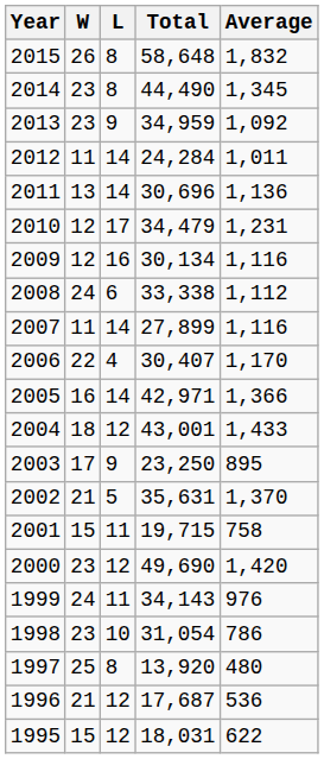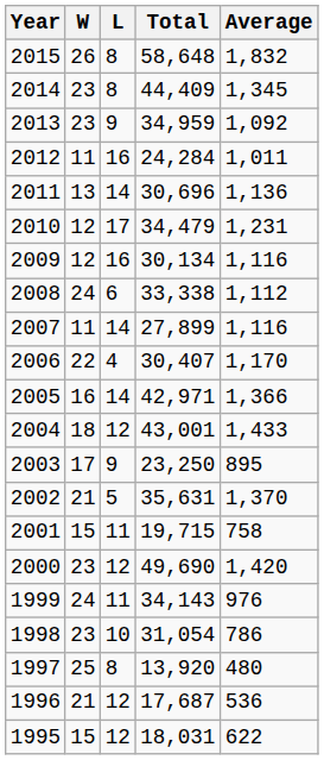 <table class="wikitable">
 <tr>
 <th>Year</th>
 <th>W</th>
 <th>L</th>
 <th>Total</th>
 <th>Average</th>
 </tr>
 <tr>
 <td>2015</td>
 <td>26</td>
 <td>8</td>
 <td>58,648</td>
 <td>1,832</td>
 </tr>
 <tr>
 <td>2014</td>
 <td>23</td>
 <td>8</td>
-<td>44,490</td>
+<td>44,409</td>
 <td>1,345</td>
 </tr>
 <tr>
 <td>2013</td>
 <td>23</td>
 <td>9</td>
 <td>34,959</td>
 <td>1,092</td>
 </tr>
 <tr>
 <td>2012</td>
 <td>11</td>
-<td>14</td>
+<td>16</td>
 <td>24,284</td>
 <td>1,011</td>
 </tr>
 <tr>
 <td>2011</td>
 <td>13</td>
 <td>14</td>
 <td>30,696</td>
 <td>1,136</td>
 </tr>
 <tr>
 <td>2010</td>
 <td>12</td>
 <td>17</td>
 <td>34,479</td>
 <td>1,231</td>
 </tr>
 <tr>
 <td>2009</td>
 <td>12</td>
 <td>16</td>
 <td>30,134</td>
 <td>1,116</td>
 </tr>
 <tr>
 <td>2008</td>
 <td>24</td>
 <td>6</td>
 <td>33,338</td>
 <td>1,112</td>
 </tr>
 <tr>
 <td>2007</td>
 <td>11</td>
 <td>14</td>
 <td>27,899</td>
 <td>1,116</td>
 </tr>
 <tr>
 <td>2006</td>
 <td>22</td>
 <td>4</td>
 <td>30,407</td>
 <td>1,170</td>
 </tr>
 <tr>
 <td>2005</td>
 <td>16</td>
 <td>14</td>
 <td>42,971</td>
 <td>1,366</td>
 </tr>
 <tr>
 <td>2004</td>
 <td>18</td>
 <td>12</td>
 <td>43,001</td>
 <td>1,433</td>
 </tr>
 <tr>
 <td>2003</td>
 <td>17</td>
 <td>9</td>
 <td>23,250</td>
 <td>895</td>
 </tr>
 <tr>
 <td>2002</td>
 <td>21</td>
 <td>5</td>
 <td>35,631</td>
 <td>1,370</td>
 </tr>
 <tr>
 <td>2001</td>
 <td>15</td>
 <td>11</td>
 <td>19,715</td>
 <td>758</td>
 </tr>
 <tr>
 <td>2000</td>
 <td>23</td>
 <td>12</td>
 <td>49,690</td>
 <td>1,420</td>
 </tr>
 <tr>
 <td>1999</td>
 <td>24</td>
 <td>11</td>
 <td>34,143</td>
 <td>976</td>
 </tr>
 <tr>
 <td>1998</td>
 <td>23</td>
 <td>10</td>
 <td>31,054</td>
 <td>786</td>
 </tr>
 <tr>
 <td>1997</td>
 <td>25</td>
 <td>8</td>
 <td>13,920</td>
 <td>480</td>
 </tr>
 <tr>
 <td>1996</td>
 <td>21</td>
 <td>12</td>
 <td>17,687</td>
 <td>536</td>
 </tr>
 <tr>
 <td>1995</td>
 <td>15</td>
 <td>12</td>
 <td>18,031</td>
 <td>622</td>
 </tr>
 </table>
